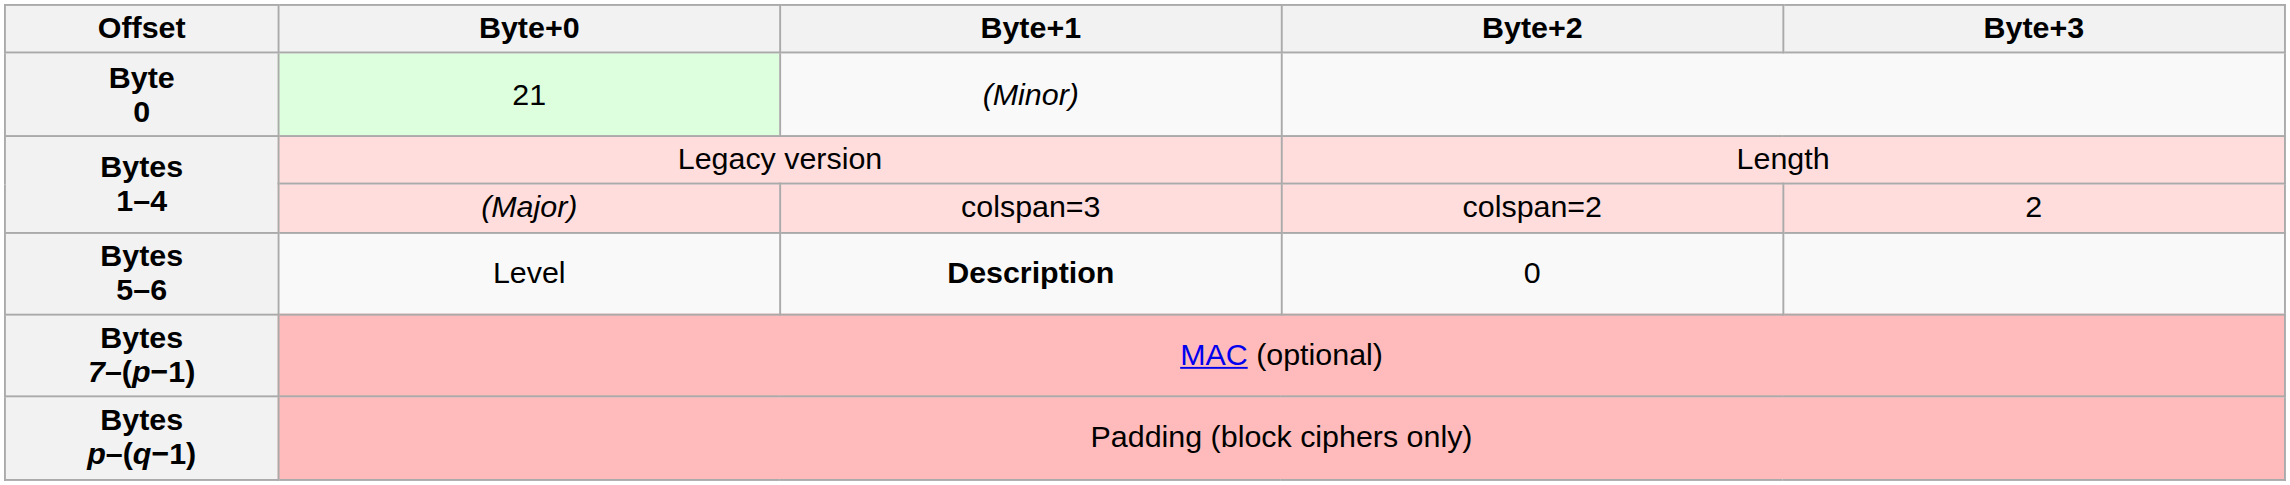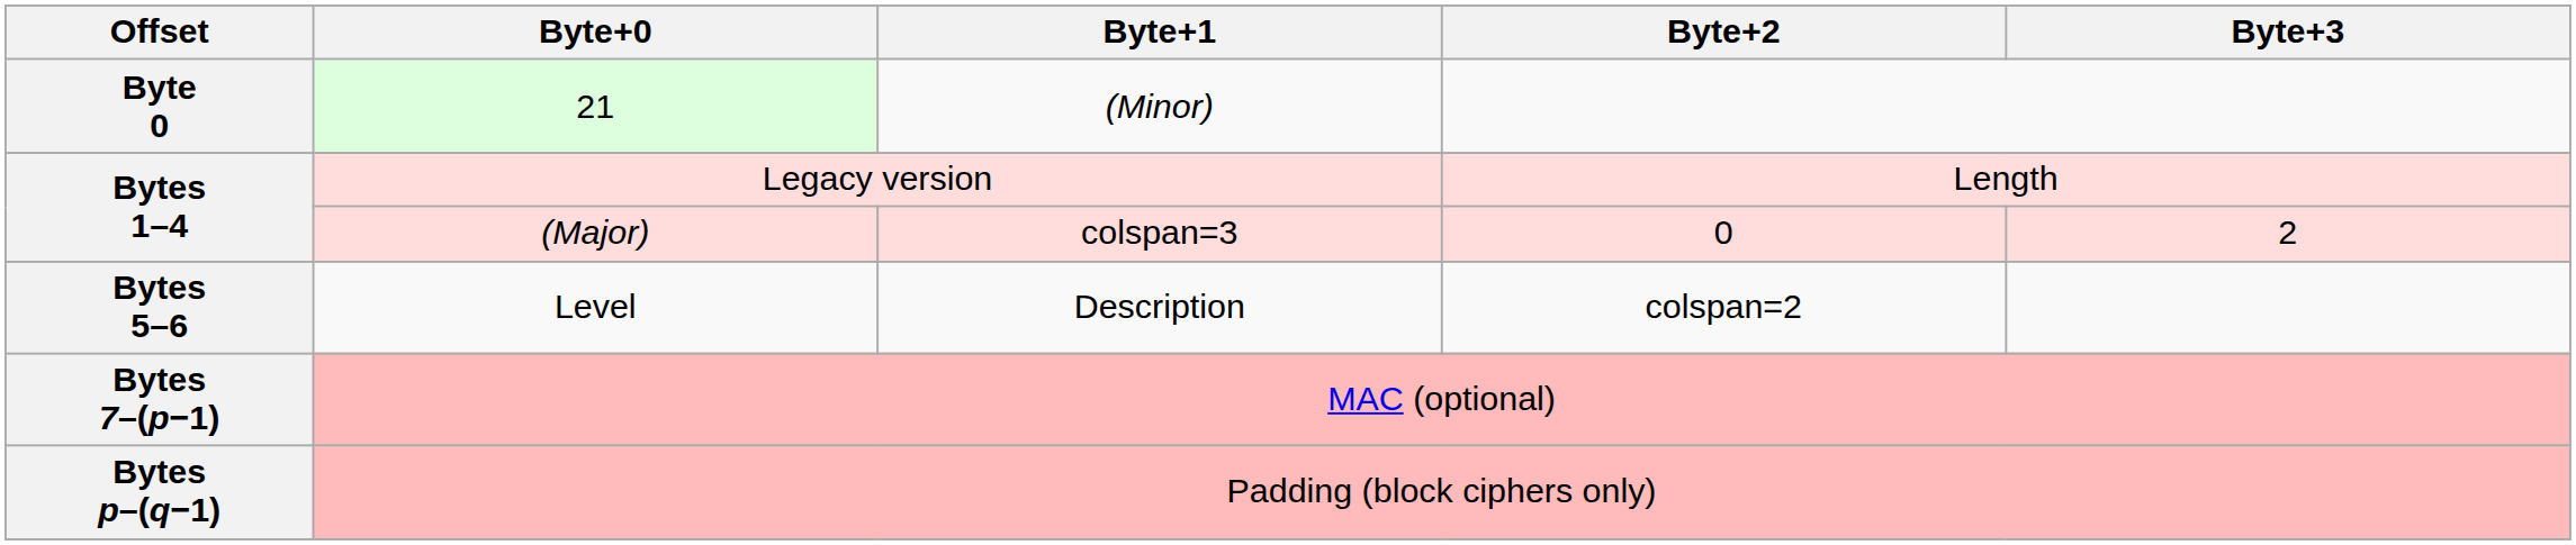 <table class="wikitable"style=width:95%;text-align:center>
 <tr>
 <th scope=col>Offset</th>
 <th scope=col style=width:22%>Byte+0</th>
 <th scope=col style=width:22%>Byte+1</th>
 <th scope=col style=width:22%>Byte+2</th>
 <th scope=col style=width:22%>Byte+3</th>
 </tr>
 <tr>
 <th scope=row>Byte<br>0</th>
 <td style=background:#dfd>21</td>
 <td><em>(Minor)</em></td>
 </tr>
 <tr>
 <th scope=row rowspan=2>Bytes<br>1–4</th>
 <td colspan=2 style=background:#fdd>Legacy version</td>
 <td colspan=2 style=background:#fdd>Length</td>
 </tr>
 <tr style=background:#fdd>
 <td><em>(Major)</em></td>
 <td>colspan=3</td>
-<td>colspan=2</td>
+<td>0</td>
 <td>2</td>
 </tr>
 <tr>
 <th>Bytes<br>5–6</th>
 <td>Level</td>
-<td><strong>Description</strong></td>
-<td>0</td>
+<td>Description</td>
+<td>colspan=2</td>
 </tr>
 <tr>
 <th>Bytes<br><em>7</em>–(<em>p</em>−1)</th>
 <td colspan=4 style=background:#fbb><a href='#'>MAC</a> (optional)</td>
 </tr>
 <tr>
 <th>Bytes<br><em>p</em>–(<em>q</em>−1)</th>
 <td colspan=4 style=background:#fbb>Padding (block ciphers only)</td>
 </tr>
 </table>
